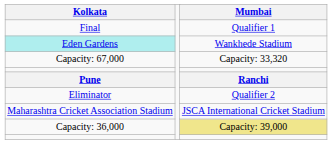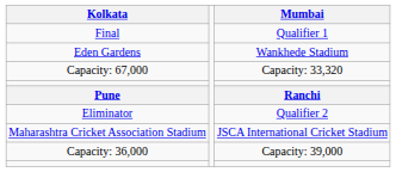 <table class="wikitable" style="text-align:center;margin:auto">
 <tr>
 <th><a href='#'>Kolkata</a></th>
 <td rowspan=10 colspan=2 style="vertical-align:top"></td>
 <th><a href='#'>Mumbai</a></th>
 </tr>
 <tr>
 <td><a href='#'>Final</a></td>
 <td><a href='#'>Qualifier 1</a></td>
 </tr>
 <tr>
-<td style="background: paleturquoise;"><a href='#'>Eden Gardens</a></td>
+<td><a href='#'>Eden Gardens</a></td>
 <td><a href='#'>Wankhede Stadium</a></td>
 </tr>
 <tr>
 <td>Capacity: 67,000</td>
 <td>Capacity: 33,320</td>
 </tr>
 <tr>
 <td></td>
 <td></td>
 </tr>
 <tr>
 <th><a href='#'>Pune</a></th>
 <th><a href='#'>Ranchi</a></th>
 </tr>
 <tr>
 <td><a href='#'>Eliminator</a></td>
 <td><a href='#'>Qualifier 2</a></td>
 </tr>
 <tr>
 <td><a href='#'>Maharashtra Cricket Association Stadium</a></td>
 <td><a href='#'>JSCA International Cricket Stadium</a></td>
 </tr>
 <tr>
 <td>Capacity: 36,000</td>
-<td style="background: khaki;">Capacity: 39,000</td>
+<td>Capacity: 39,000</td>
 </tr>
 <tr>
 <td></td>
 <td></td>
 </tr>
 </table>
